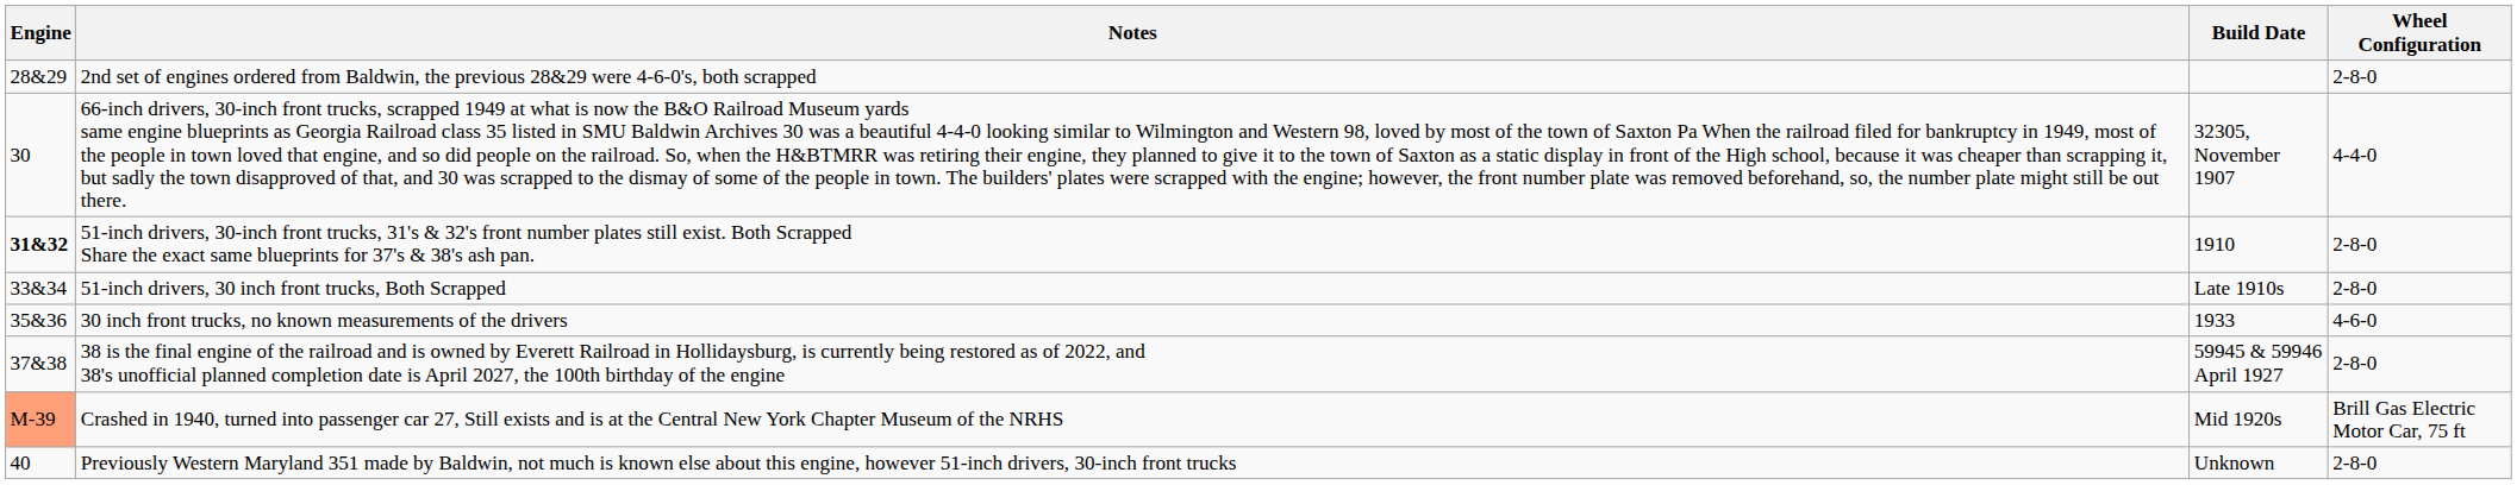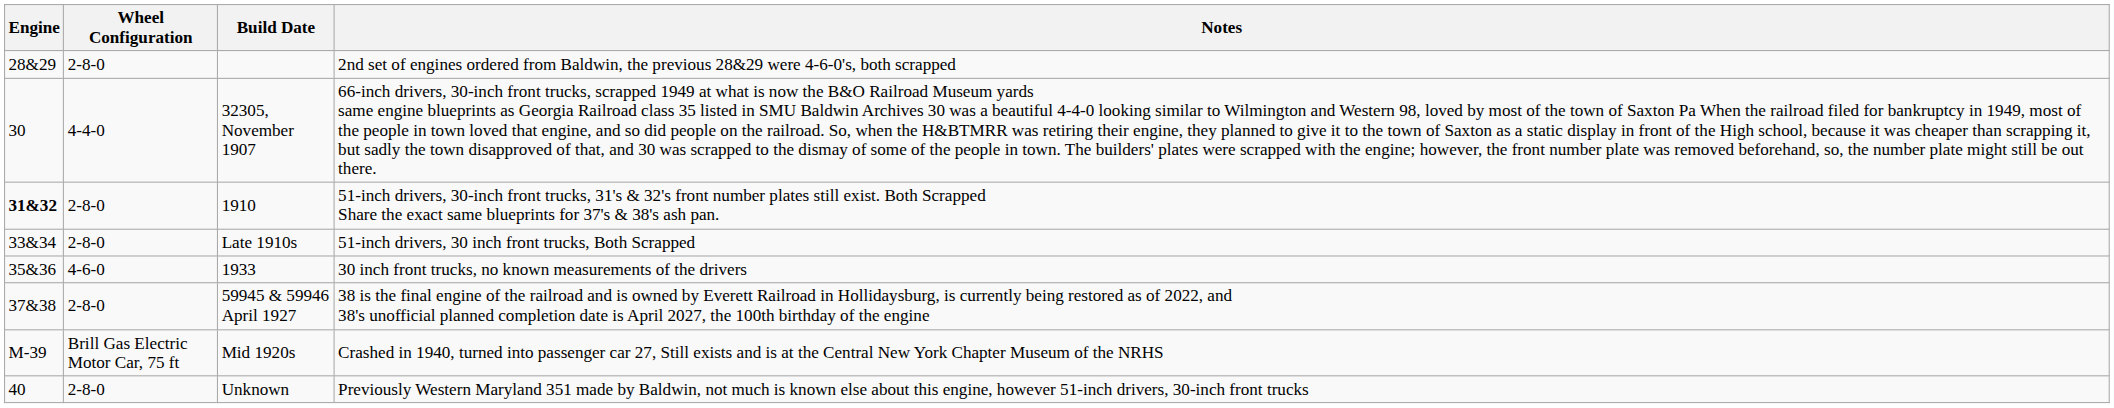 <table class="wikitable">
 <tr>
 <th>Engine</th>
+<th>Wheel Configuration</th>
+<th>Build Date</th>
 <th>Notes</th>
-<th>Build Date</th>
-<th>Wheel Configuration</th>
 </tr>
 <tr>
 <td>28&29</td>
+<td>2-8-0</td>
+<td></td>
 <td>2nd set of engines ordered from Baldwin, the previous 28&29 were 4-6-0's, both scrapped</td>
-<td></td>
-<td>2-8-0</td>
 </tr>
 <tr>
 <td>30</td>
+<td>4-4-0</td>
+<td>32305, November 1907</td>
 <td>66-inch drivers, 30-inch front trucks, scrapped 1949 at what is now the B&O Railroad Museum yards<br>same engine blueprints as Georgia Railroad class 35 listed in SMU Baldwin Archives 30 was a beautiful 4-4-0 looking similar to Wilmington and Western 98, loved by most of the town of Saxton Pa When the railroad filed for bankruptcy in 1949, most of the people in town loved that engine, and so did people  on the railroad. So, when the H&BTMRR was retiring their engine, they planned to give it to the town of Saxton  as a static display in front of the High school, because it was cheaper than scrapping it, but sadly the town  disapproved of that, and 30 was scrapped to the dismay of some of the people in town. The builders' plates were scrapped with the engine; however, the front number plate was removed beforehand,  so, the number plate might still be out there.</td>
-<td>32305, November 1907</td>
-<td>4-4-0</td>
 </tr>
 <tr>
 <td><strong>31&32</strong></td>
+<td>2-8-0</td>
+<td>1910</td>
 <td>51-inch drivers, 30-inch front trucks, 31's & 32's front number plates still exist. Both Scrapped<br>Share the exact same blueprints for 37's & 38's ash pan.</td>
-<td>1910</td>
-<td>2-8-0</td>
 </tr>
 <tr>
 <td>33&34</td>
+<td>2-8-0</td>
+<td>Late 1910s</td>
 <td>51-inch drivers, 30 inch front trucks, Both Scrapped</td>
-<td>Late 1910s</td>
-<td>2-8-0</td>
 </tr>
 <tr>
 <td>35&36</td>
+<td>4-6-0</td>
+<td>1933</td>
 <td>30 inch front trucks, no known measurements of the drivers</td>
-<td>1933</td>
-<td>4-6-0</td>
 </tr>
 <tr>
 <td>37&38</td>
+<td>2-8-0</td>
+<td>59945 & 59946 April 1927</td>
 <td>38 is the final engine of the railroad and is owned by Everett Railroad in Hollidaysburg, is currently being restored as of 2022, and<br>38's unofficial planned completion date is April 2027, the 100th birthday of the engine</td>
-<td>59945 & 59946 April 1927</td>
-<td>2-8-0</td>
 </tr>
 <tr>
-<td style="background: lightsalmon;">M-39</td>
+<td>M-39</td>
+<td>Brill Gas Electric Motor Car, 75 ft</td>
+<td>Mid 1920s</td>
 <td>Crashed in 1940, turned into passenger car 27, Still exists and is at the Central New York Chapter Museum of the NRHS</td>
-<td>Mid 1920s</td>
-<td>Brill Gas Electric Motor Car, 75 ft</td>
 </tr>
 <tr>
 <td>40</td>
+<td>2-8-0</td>
+<td>Unknown</td>
 <td>Previously Western Maryland 351 made by Baldwin, not much is known else about this engine, however 51-inch drivers, 30-inch front trucks</td>
-<td>Unknown</td>
-<td>2-8-0</td>
 </tr>
 </table>
